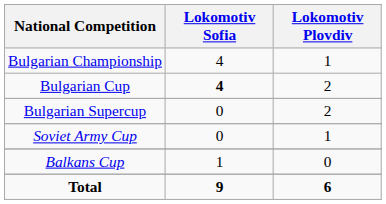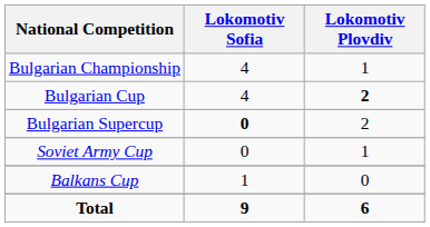 <table class="wikitable" style="text-align:center;font-size:95%">
 <tr>
 <th>National Competition</th>
 <th width="100"><a href='#'>Lokomotiv Sofia</a></th>
 <th width="100"><a href='#'>Lokomotiv Plovdiv</a></th>
 </tr>
 <tr>
 <td><a href='#'>Bulgarian Championship</a></td>
 <td>4</td>
 <td>1</td>
 </tr>
 <tr>
 <td><a href='#'>Bulgarian Cup</a></td>
-<td><strong>4</strong></td>
-<td>2</td>
+<td>4</td>
+<td><strong>2</strong></td>
 </tr>
 <tr>
 </tr>
 <tr>
 <td><a href='#'>Bulgarian Supercup</a></td>
-<td>0</td>
+<td><strong>0</strong></td>
 <td>2</td>
 </tr>
 <tr>
 </tr>
 <tr>
 <td><em><a href='#'>Soviet Army Cup</a></em></td>
 <td>0</td>
 <td>1</td>
 </tr>
 <tr>
 </tr>
 <tr>
 <td><em><a href='#'>Balkans Cup</a></em></td>
 <td>1</td>
 <td>0</td>
 </tr>
 <tr>
 </tr>
 <tr>
 <td><strong>Total</strong></td>
 <td><strong>9</strong></td>
 <td><strong>6</strong></td>
 </tr>
 </table>
